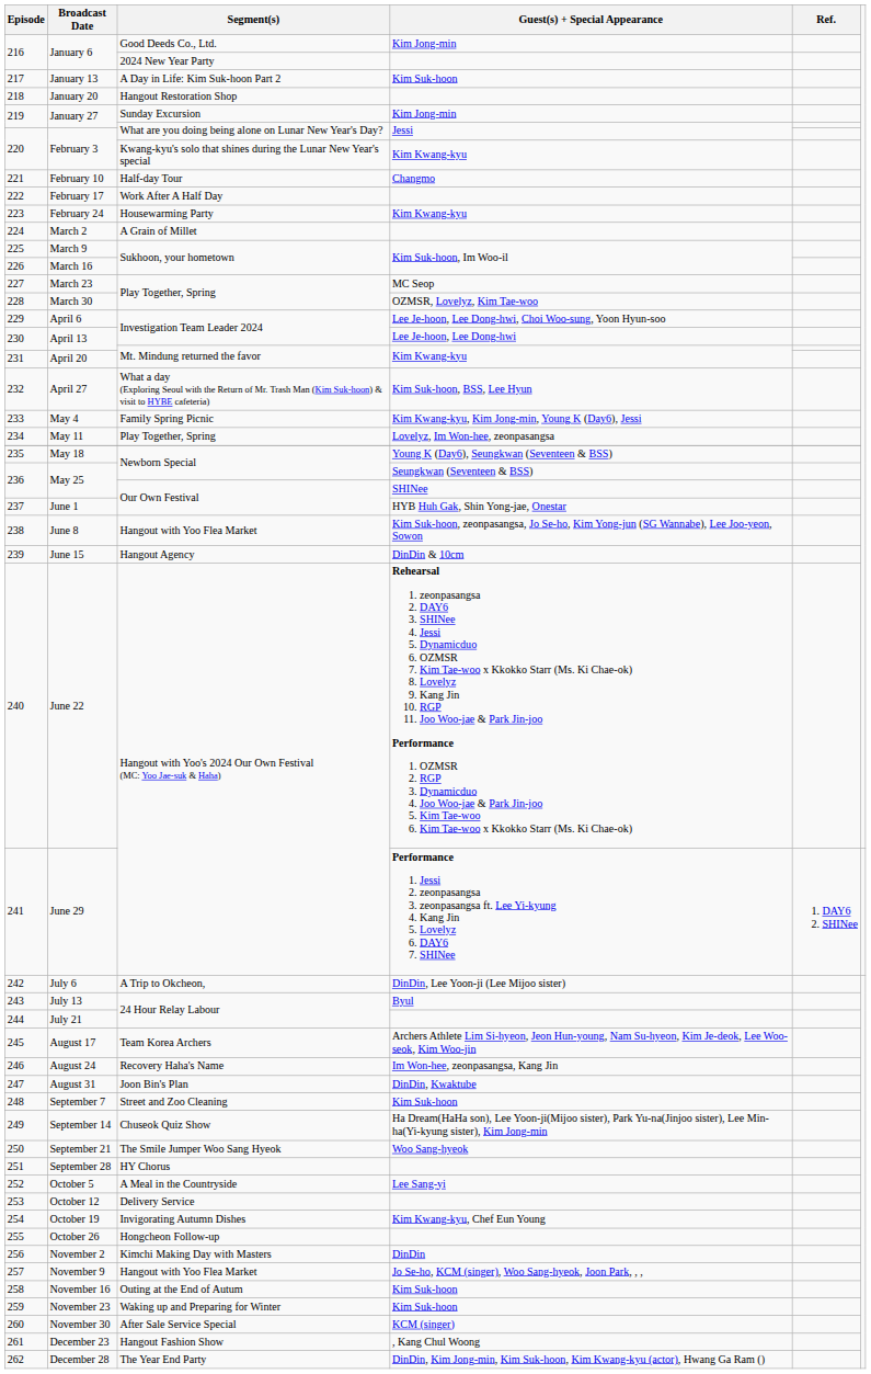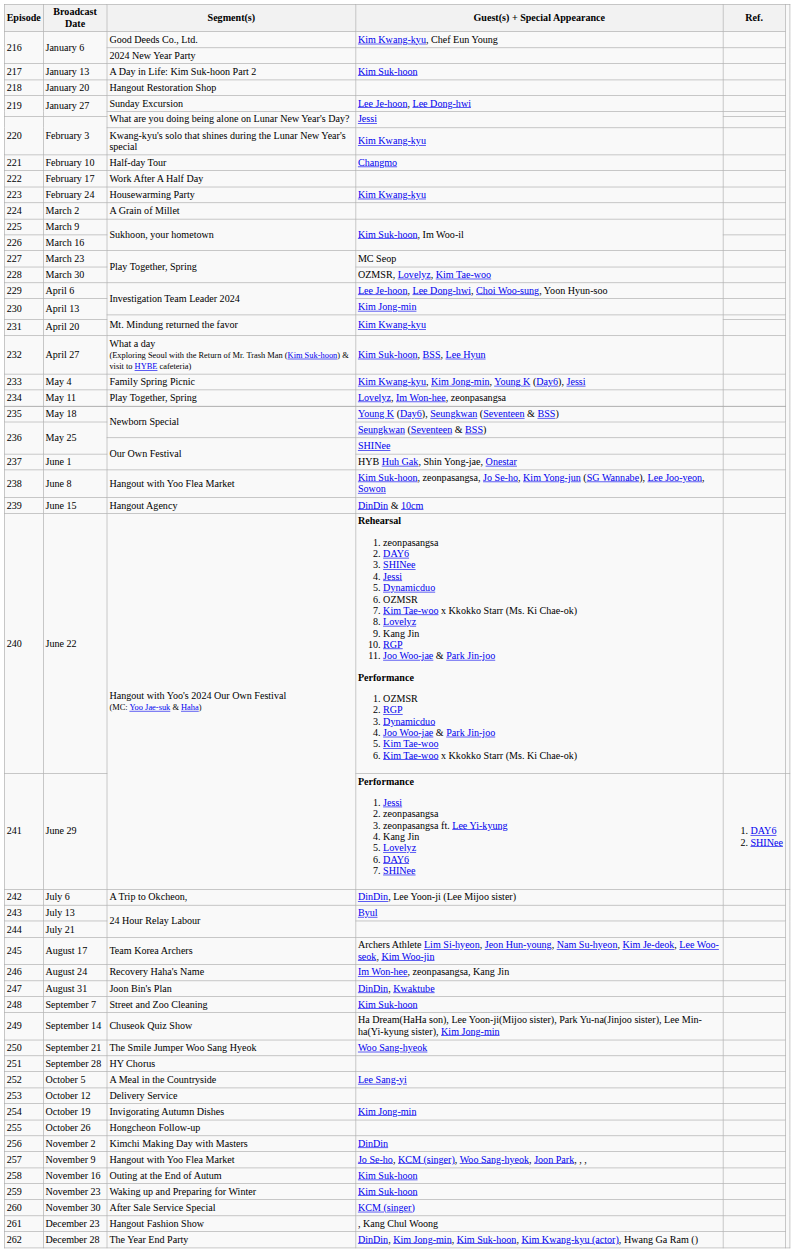 <table class="wikitable">
 <tr>
 <th>Episode</th>
 <th>Broadcast Date</th>
 <th>Segment(s)</th>
 <th>Guest(s) + Special Appearance</th>
 <th>Ref.</th>
 </tr>
 <tr>
 <td rowspan="2">216</td>
 <td rowspan="2">January 6</td>
 <td>Good Deeds Co., Ltd.</td>
-<td><a href='#'>Kim Jong-min</a></td>
+<td><a href='#'>Kim Kwang-kyu</a>, Chef Eun Young</td>
 <td></td>
 </tr>
 <tr>
 <td>2024 New Year Party</td>
 <td></td>
 <td></td>
 </tr>
 <tr>
 <td>217</td>
 <td>January 13</td>
 <td>A Day in Life: Kim Suk-hoon Part 2</td>
 <td><a href='#'>Kim Suk-hoon</a></td>
 <td></td>
 </tr>
 <tr>
 <td>218</td>
 <td>January 20</td>
 <td>Hangout Restoration Shop</td>
 <td></td>
 <td></td>
 </tr>
 <tr>
 <td rowspan="2">219</td>
 <td rowspan="2">January 27</td>
 <td>Sunday Excursion</td>
-<td><a href='#'>Kim Jong-min</a></td>
+<td><a href='#'>Lee Je-hoon</a>, <a href='#'>Lee Dong-hwi</a></td>
 <td></td>
 </tr>
 <tr>
 <td rowspan="2">What are you doing being alone on Lunar New Year's Day?</td>
 <td rowspan="2"><a href='#'>Jessi</a></td>
 <td></td>
 </tr>
 <tr>
 <td rowspan="2">220</td>
 <td rowspan="2">February 3</td>
 <td></td>
 </tr>
 <tr>
 <td>Kwang-kyu's solo that shines during the Lunar New Year's special</td>
 <td><a href='#'>Kim Kwang-kyu</a></td>
 <td></td>
 </tr>
 <tr>
 <td>221</td>
 <td>February 10</td>
 <td>Half-day Tour</td>
 <td><a href='#'>Changmo</a></td>
 <td></td>
 </tr>
 <tr>
 <td>222</td>
 <td>February 17</td>
 <td>Work After A Half Day</td>
 <td></td>
 <td></td>
 </tr>
 <tr>
 <td>223</td>
 <td>February 24</td>
 <td>Housewarming Party</td>
 <td><a href='#'>Kim Kwang-kyu</a></td>
 <td></td>
 </tr>
 <tr>
 <td>224</td>
 <td>March 2</td>
 <td>A Grain of Millet</td>
 <td></td>
 <td></td>
 </tr>
 <tr>
 <td>225</td>
 <td>March 9</td>
 <td rowspan="2">Sukhoon, your hometown</td>
 <td rowspan="2"><a href='#'>Kim Suk-hoon</a>, Im Woo-il</td>
 <td></td>
 </tr>
 <tr>
 <td>226</td>
 <td>March 16</td>
 <td></td>
 </tr>
 <tr>
 <td>227</td>
 <td>March 23</td>
 <td rowspan="2">Play Together, Spring</td>
 <td rowspan="1">MC Seop</td>
 <td></td>
 </tr>
 <tr>
 <td>228</td>
 <td>March 30</td>
 <td>OZMSR, <a href='#'>Lovelyz</a>, <a href='#'>Kim Tae-woo</a></td>
 <td></td>
 </tr>
 <tr>
 <td>229</td>
 <td>April 6</td>
 <td rowspan="2">Investigation Team Leader 2024</td>
 <td><a href='#'>Lee Je-hoon</a>, <a href='#'>Lee Dong-hwi</a>, <a href='#'>Choi Woo-sung</a>, Yoon Hyun-soo</td>
 <td></td>
 </tr>
 <tr>
 <td rowspan="2">230</td>
 <td rowspan="2">April 13</td>
-<td><a href='#'>Lee Je-hoon</a>, <a href='#'>Lee Dong-hwi</a></td>
+<td><a href='#'>Kim Jong-min</a></td>
 <td></td>
 </tr>
 <tr>
 <td rowspan="2">Mt. Mindung returned the favor</td>
 <td rowspan="2"><a href='#'>Kim Kwang-kyu</a></td>
 <td></td>
 </tr>
 <tr>
 <td>231</td>
 <td>April 20</td>
 <td></td>
 </tr>
 <tr>
 <td>232</td>
 <td>April 27</td>
 <td>What a day<br><small>(Exploring Seoul with the Return of Mr. Trash Man (<a href='#'>Kim Suk-hoon</a>) & visit to <a href='#'>HYBE</a> cafeteria)</small></td>
 <td><a href='#'>Kim Suk-hoon</a>, <a href='#'>BSS</a>, <a href='#'>Lee Hyun</a></td>
 <td></td>
 </tr>
 <tr>
 <td>233</td>
 <td>May 4</td>
 <td>Family Spring Picnic</td>
 <td><a href='#'>Kim Kwang-kyu</a>, <a href='#'>Kim Jong-min</a>, <a href='#'>Young K</a> (<a href='#'>Day6</a>), <a href='#'>Jessi</a></td>
 <td></td>
 </tr>
 <tr>
 <td>234</td>
 <td>May 11</td>
 <td>Play Together, Spring</td>
 <td><a href='#'>Lovelyz</a>, <a href='#'>Im Won-hee</a>, zeonpasangsa</td>
 <td></td>
 </tr>
 <tr>
 </tr>
 <tr>
 <td>235</td>
 <td>May 18</td>
 <td rowspan="2">Newborn Special</td>
 <td><a href='#'>Young K</a> (<a href='#'>Day6</a>), <a href='#'>Seungkwan</a> (<a href='#'>Seventeen</a> & <a href='#'>BSS</a>)</td>
 <td></td>
 </tr>
 <tr>
 <td rowspan="2">236</td>
 <td rowspan="2">May 25</td>
 <td><a href='#'>Seungkwan</a> (<a href='#'>Seventeen</a> & <a href='#'>BSS</a>)</td>
 <td></td>
 </tr>
 <tr>
 <td rowspan="2">Our Own Festival</td>
 <td><a href='#'>SHINee</a></td>
 <td></td>
 </tr>
 <tr>
 <td>237</td>
 <td>June 1</td>
 <td>HYB <a href='#'>Huh Gak</a>, Shin Yong-jae, <a href='#'>Onestar</a></td>
 <td></td>
 </tr>
 <tr>
 <td>238</td>
 <td>June 8</td>
 <td>Hangout with Yoo Flea Market</td>
 <td><a href='#'>Kim Suk-hoon</a>, zeonpasangsa, <a href='#'>Jo Se-ho</a>, <a href='#'>Kim Yong-jun</a> (<a href='#'>SG Wannabe</a>), <a href='#'>Lee Joo-yeon</a>,  <a href='#'>Sowon</a></td>
 <td></td>
 </tr>
 <tr>
 <td>239</td>
 <td>June 15</td>
 <td>Hangout Agency</td>
 <td><a href='#'>DinDin</a> & <a href='#'> 10cm</a></td>
 <td></td>
 </tr>
 <tr>
 <td>240</td>
 <td>June 22</td>
 <td rowspan="2">Hangout with Yoo's 2024 Our Own Festival <br><small>(MC: <a href='#'>Yoo Jae-suk</a> & <a href='#'>Haha</a>)</small></td>
 <td><strong>Rehearsal</strong><br><ol><li>zeonpasangsa</li><li><a href='#'>DAY6</a></li><li><a href='#'>SHINee</a></li><li><a href='#'>Jessi</a></li><li><a href='#'>Dynamicduo</a></li><li>OZMSR</li><li><a href='#'>Kim Tae-woo</a> x Kkokko Starr (Ms. Ki Chae-ok)</li><li><a href='#'>Lovelyz</a></li><li>Kang Jin</li><li><a href='#'>RGP</a></li><li><a href='#'>Joo Woo-jae</a> & <a href='#'>Park Jin-joo</a></li></ol><strong>Performance</strong><ol><li>OZMSR</li><li><a href='#'>RGP</a></li><li><a href='#'>Dynamicduo</a></li><li><a href='#'>Joo Woo-jae</a> & <a href='#'>Park Jin-joo</a></li><li><a href='#'>Kim Tae-woo</a></li><li><a href='#'>Kim Tae-woo</a> x Kkokko Starr (Ms. Ki Chae-ok)</li></ol></td>
 <td></td>
 </tr>
 <tr>
 <td>241</td>
 <td>June 29</td>
 <td><strong>Performance</strong><br><ol><li><a href='#'>Jessi</a></li><li>zeonpasangsa</li><li>zeonpasangsa ft. <a href='#'>Lee Yi-kyung</a></li><li>Kang Jin</li><li><a href='#'>Lovelyz</a></li><li><a href='#'>DAY6</a></li><li><a href='#'>SHINee</a></li></ol></td>
 <td><br><ol><li><a href='#'>DAY6</a></li><li><a href='#'>SHINee</a></li></ol></td>
 <td></td>
 </tr>
 <tr>
 <td>242</td>
 <td>July 6</td>
 <td>A Trip to Okcheon,</td>
 <td><a href='#'>DinDin</a>, Lee Yoon-ji (Lee Mijoo sister)</td>
 <td></td>
 </tr>
 <tr>
 <td>243</td>
 <td>July 13</td>
 <td rowspan="2">24 Hour Relay Labour</td>
 <td><a href='#'>Byul</a></td>
 <td></td>
 </tr>
 <tr>
 <td>244</td>
 <td>July 21</td>
 <td></td>
 <td></td>
 </tr>
 <tr>
 <td>245</td>
 <td>August 17</td>
 <td>Team Korea Archers</td>
 <td>Archers Athlete <a href='#'>Lim Si-hyeon</a>, <a href='#'>Jeon Hun-young</a>, <a href='#'>Nam Su-hyeon</a>, <a href='#'>Kim Je-deok</a>, <a href='#'>Lee Woo-seok</a>, <a href='#'>Kim Woo-jin</a></td>
 <td></td>
 </tr>
 <tr>
 <td>246</td>
 <td>August 24</td>
 <td>Recovery Haha's Name</td>
 <td><a href='#'>Im Won-hee</a>, zeonpasangsa, Kang Jin</td>
 <td></td>
 </tr>
 <tr>
 <td>247</td>
 <td>August 31</td>
 <td>Joon Bin's Plan</td>
 <td><a href='#'>DinDin</a>, <a href='#'>Kwaktube</a></td>
 <td></td>
 </tr>
 <tr>
 <td>248</td>
 <td>September 7</td>
 <td>Street and Zoo Cleaning</td>
 <td><a href='#'>Kim Suk-hoon</a></td>
 <td></td>
 </tr>
 <tr>
 <td>249</td>
 <td>September 14</td>
 <td>Chuseok Quiz Show</td>
 <td>Ha Dream(HaHa son), Lee Yoon-ji(Mijoo sister), Park Yu-na(Jinjoo sister), Lee Min-ha(Yi-kyung sister), <a href='#'>Kim Jong-min</a></td>
 <td></td>
 </tr>
 <tr>
 <td>250</td>
 <td>September 21</td>
 <td>The Smile Jumper Woo Sang Hyeok</td>
 <td><a href='#'>Woo Sang-hyeok</a></td>
 <td></td>
 </tr>
 <tr>
 <td>251</td>
 <td>September 28</td>
 <td>HY Chorus</td>
 <td></td>
 <td></td>
 </tr>
 <tr>
 <td>252</td>
 <td>October 5</td>
 <td>A Meal in the Countryside</td>
 <td><a href='#'>Lee Sang-yi</a></td>
 <td></td>
 </tr>
 <tr>
 <td>253</td>
 <td>October 12</td>
 <td>Delivery Service</td>
 <td></td>
 <td></td>
 </tr>
 <tr>
 <td>254</td>
 <td>October 19</td>
 <td>Invigorating Autumn Dishes</td>
-<td><a href='#'>Kim Kwang-kyu</a>, Chef Eun Young</td>
+<td><a href='#'>Kim Jong-min</a></td>
 <td></td>
 </tr>
 <tr>
 <td>255</td>
 <td>October 26</td>
 <td>Hongcheon Follow-up</td>
 <td></td>
 <td></td>
 </tr>
 <tr>
 <td>256</td>
 <td>November 2</td>
 <td>Kimchi Making Day with Masters</td>
 <td><a href='#'>DinDin</a></td>
 <td></td>
 </tr>
 <tr>
 <td>257</td>
 <td>November 9</td>
 <td>Hangout with Yoo Flea Market</td>
 <td><a href='#'>Jo Se-ho</a>, <a href='#'>KCM (singer)</a>, <a href='#'>Woo Sang-hyeok</a>, <a href='#'>Joon Park</a>, , ,</td>
 <td></td>
 </tr>
 <tr>
 <td>258</td>
 <td>November 16</td>
 <td>Outing at the End of Autum</td>
 <td><a href='#'>Kim Suk-hoon</a></td>
 <td></td>
 </tr>
 <tr>
 <td>259</td>
 <td>November 23</td>
 <td>Waking up and Preparing for Winter</td>
 <td><a href='#'>Kim Suk-hoon</a></td>
 <td></td>
 </tr>
 <tr>
 <td>260</td>
 <td>November 30</td>
 <td>After Sale Service Special</td>
 <td><a href='#'>KCM (singer)</a></td>
 <td></td>
 </tr>
 <tr>
 <td>261</td>
 <td>December 23</td>
 <td>Hangout Fashion Show</td>
 <td>, Kang Chul Woong</td>
 <td></td>
 </tr>
 <tr>
 <td>262</td>
 <td>December 28</td>
 <td>The Year End Party</td>
 <td><a href='#'>DinDin</a>, <a href='#'>Kim Jong-min</a>, <a href='#'>Kim Suk-hoon</a>, <a href='#'>Kim Kwang-kyu (actor)</a>, Hwang Ga Ram ()</td>
 <td></td>
 </tr>
 </table>
